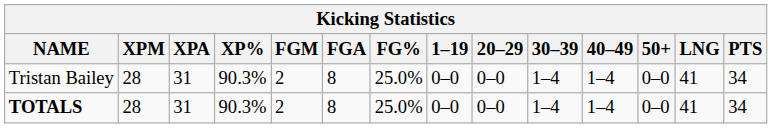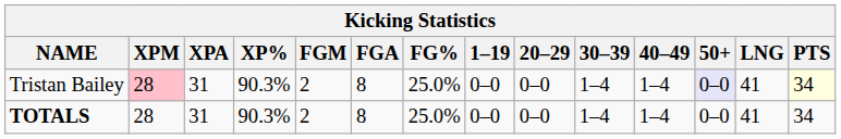 <table class="wikitable sortable collapsible collapsed">
 <tr>
 <th colspan="16">Kicking Statistics</th>
 </tr>
 <tr>
 <th>NAME</th>
 <th>XPM</th>
 <th>XPA</th>
 <th>XP%</th>
 <th>FGM</th>
 <th>FGA</th>
 <th>FG%</th>
 <th>1–19</th>
 <th>20–29</th>
 <th>30–39</th>
 <th>40–49</th>
 <th>50+</th>
 <th>LNG</th>
 <th>PTS</th>
 </tr>
 <tr>
 <td>Tristan Bailey</td>
-<td>28</td>
+<td style="background: pink;">28</td>
 <td>31</td>
 <td>90.3%</td>
 <td>2</td>
 <td>8</td>
 <td>25.0%</td>
 <td>0–0</td>
 <td>0–0</td>
 <td>1–4</td>
 <td>1–4</td>
-<td>0–0</td>
+<td style="background: lavender;">0–0</td>
 <td>41</td>
-<td>34</td>
+<td style="background: lightyellow;">34</td>
 </tr>
 <tr>
 <td><strong>TOTALS</strong></td>
 <td>28</td>
 <td>31</td>
 <td>90.3%</td>
 <td>2</td>
 <td>8</td>
 <td>25.0%</td>
 <td>0–0</td>
 <td>0–0</td>
 <td>1–4</td>
 <td>1–4</td>
 <td>0–0</td>
 <td>41</td>
 <td>34</td>
 </tr>
 </table>
